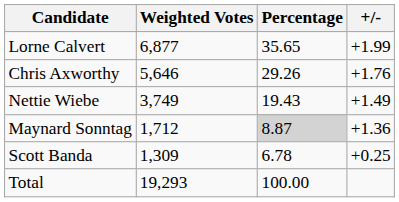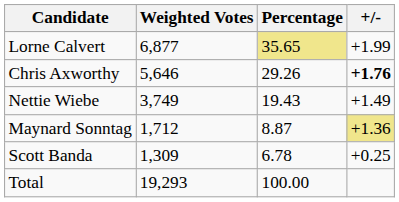 <table class="wikitable">
 <tr>
 <th>Candidate</th>
 <th>Weighted Votes</th>
 <th>Percentage</th>
 <th>+/-</th>
 </tr>
 <tr>
 <td>Lorne Calvert</td>
 <td>6,877</td>
-<td>35.65</td>
+<td style="background: khaki;">35.65</td>
 <td>+1.99</td>
 </tr>
 <tr>
 <td>Chris Axworthy</td>
 <td>5,646</td>
 <td>29.26</td>
-<td>+1.76</td>
+<td><strong>+1.76</strong></td>
 </tr>
 <tr>
 <td>Nettie Wiebe</td>
 <td>3,749</td>
 <td>19.43</td>
 <td>+1.49</td>
 </tr>
 <tr>
 <td>Maynard Sonntag</td>
 <td>1,712</td>
-<td style="background: lightgrey;">8.87</td>
-<td>+1.36</td>
+<td>8.87</td>
+<td style="background: khaki;">+1.36</td>
 </tr>
 <tr>
 <td>Scott Banda</td>
 <td>1,309</td>
 <td>6.78</td>
 <td>+0.25</td>
 </tr>
 <tr>
 <td>Total</td>
 <td>19,293</td>
 <td>100.00</td>
 </tr>
 </table>
